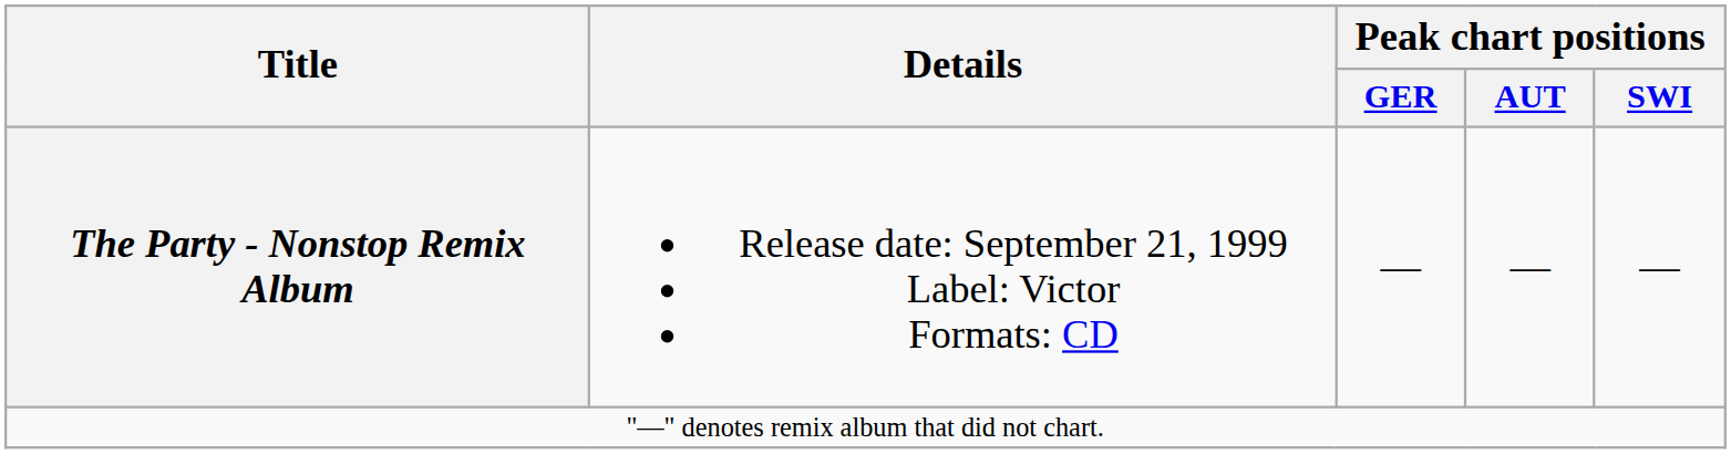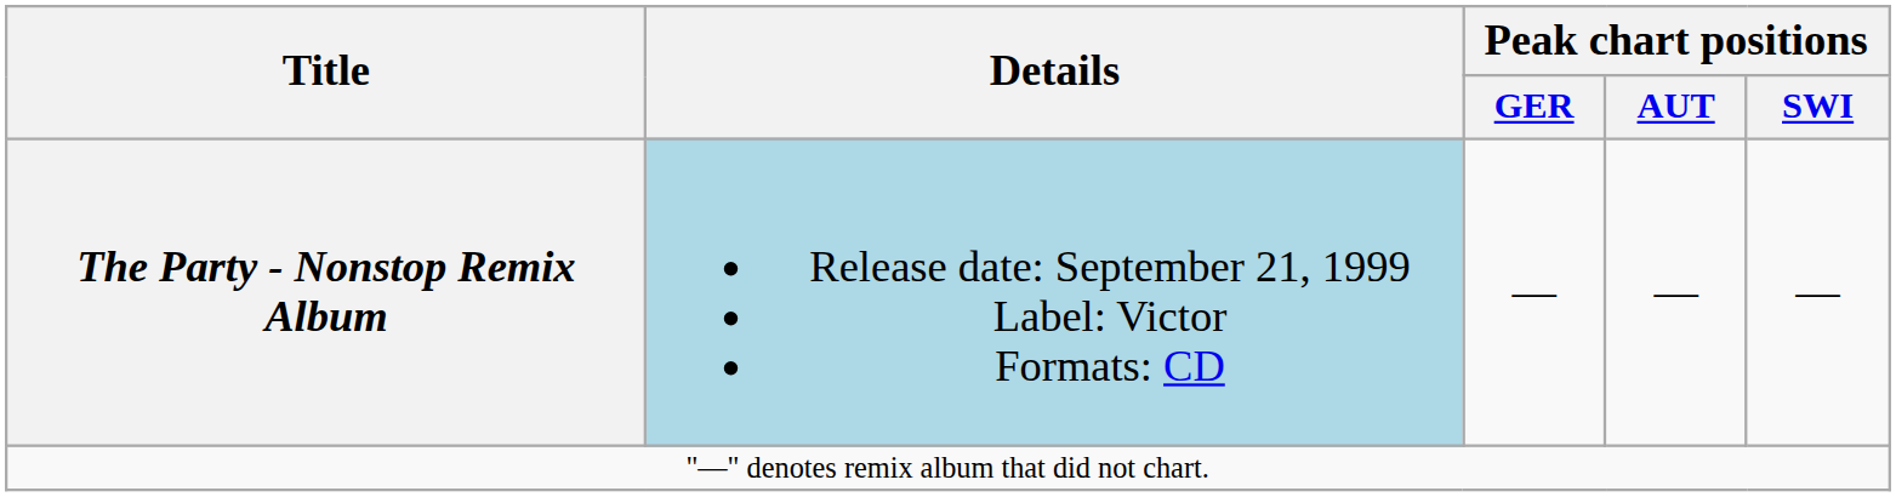 <table class="wikitable plainrowheaders" style="text-align:center;">
 <tr>
 <th rowspan="2" style="width:14em;">Title</th>
 <th rowspan="2" style="width:18em;">Details</th>
 <th colspan="3">Peak chart positions</th>
 </tr>
 <tr style="font-size:smaller;">
 <th style="width:45px;"><a href='#'>GER</a><br></th>
 <th style="width:45px;"><a href='#'>AUT</a><br></th>
 <th style="width:45px;"><a href='#'>SWI</a><br></th>
 </tr>
 <tr>
 <th scope="row"><em>The Party - Nonstop Remix Album</em></th>
-<td><br><ul><li>Release date: September 21, 1999</li><li>Label: Victor</li><li>Formats: <a href='#'>CD</a></li></ul></td>
+<td style="background: lightblue;"><br><ul><li>Release date: September 21, 1999</li><li>Label: Victor</li><li>Formats: <a href='#'>CD</a></li></ul></td>
 <td>—</td>
 <td>—</td>
 <td>—</td>
 </tr>
 <tr>
 <td colspan="15" style="font-size:8pt">"—" denotes remix album that did not chart.</td>
 </tr>
 </table>
